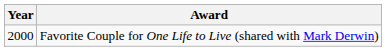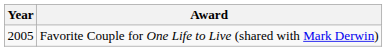 <table class="wikitable">
 <tr>
 <th>Year</th>
 <th>Award</th>
 </tr>
 <tr>
-<td>2000</td>
+<td>2005</td>
 <td>Favorite Couple for <em>One Life to Live</em> (shared with <a href='#'>Mark Derwin</a>)</td>
 </tr>
 </table>
